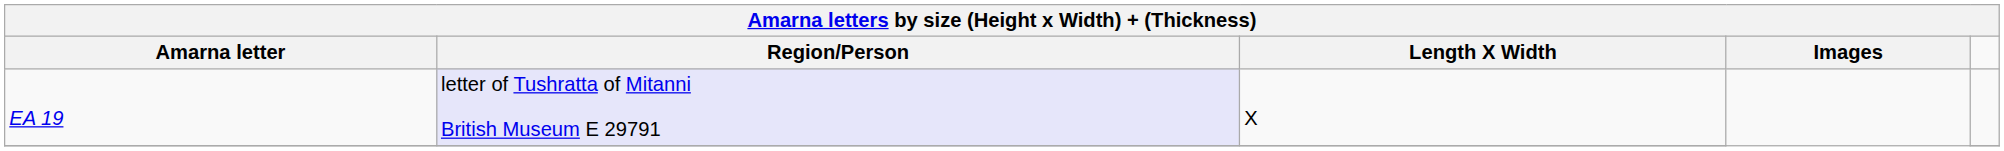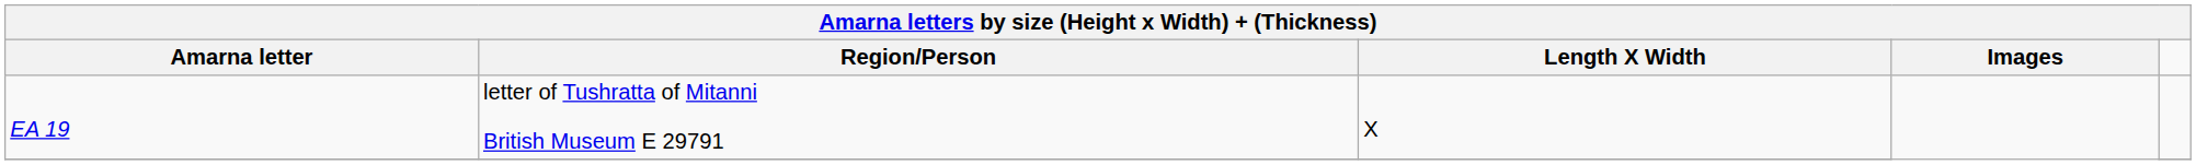 <table class="wikitable" align="center" width="100%">
 <tr>
 <th colspan="5" align="center"><strong><a href='#'>Amarna letters</a> by size (Height x Width) + (Thickness)</strong></th>
 </tr>
 <tr>
 <th>Amarna letter</th>
 <th>Region/Person</th>
 <th>Length X Width</th>
 <th>Images</th>
 </tr>
 <tr>
 <td><br><em><a href='#'>EA 19</a></em></td>
-<td style="background: lavender;">letter of <a href='#'>Tushratta</a> of <a href='#'>Mitanni</a> <br><br><a href='#'>British Museum</a> E 29791</td>
+<td>letter of <a href='#'>Tushratta</a> of <a href='#'>Mitanni</a> <br><br><a href='#'>British Museum</a> E 29791</td>
 <td> <br>X </td>
 <td rowspan="99"><br></td>
 <td></td>
 </tr>
 <tr>
 </tr>
 </table>
